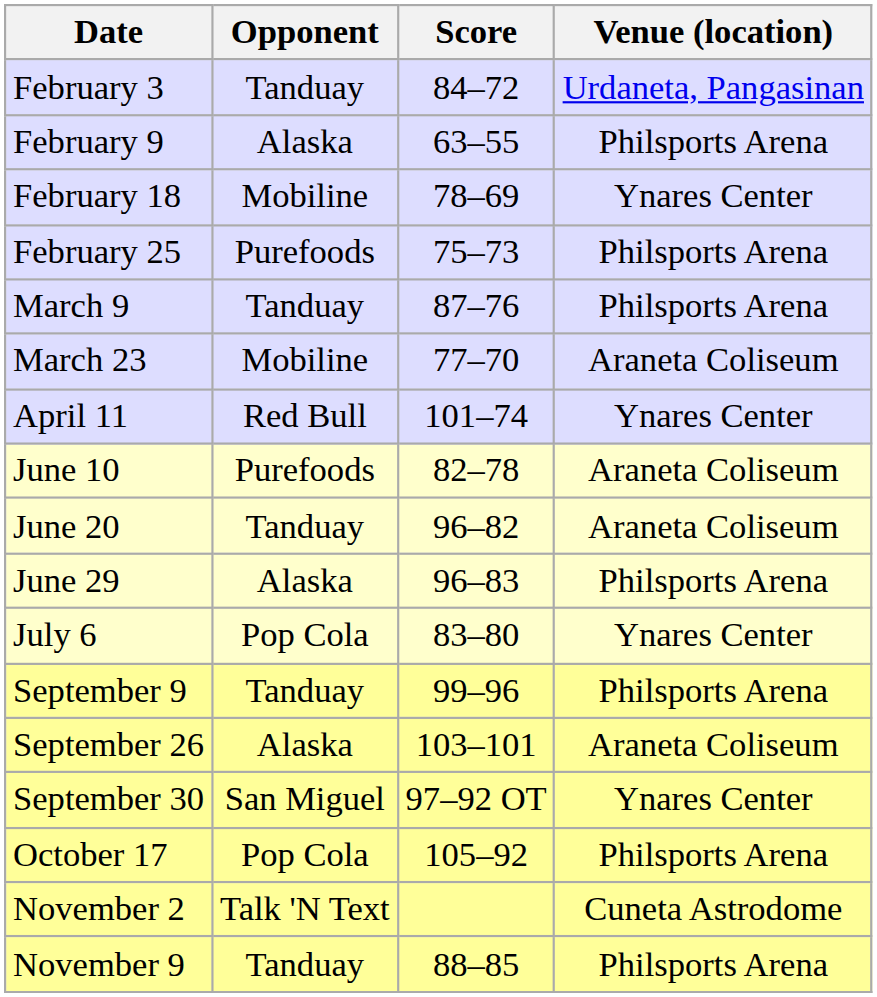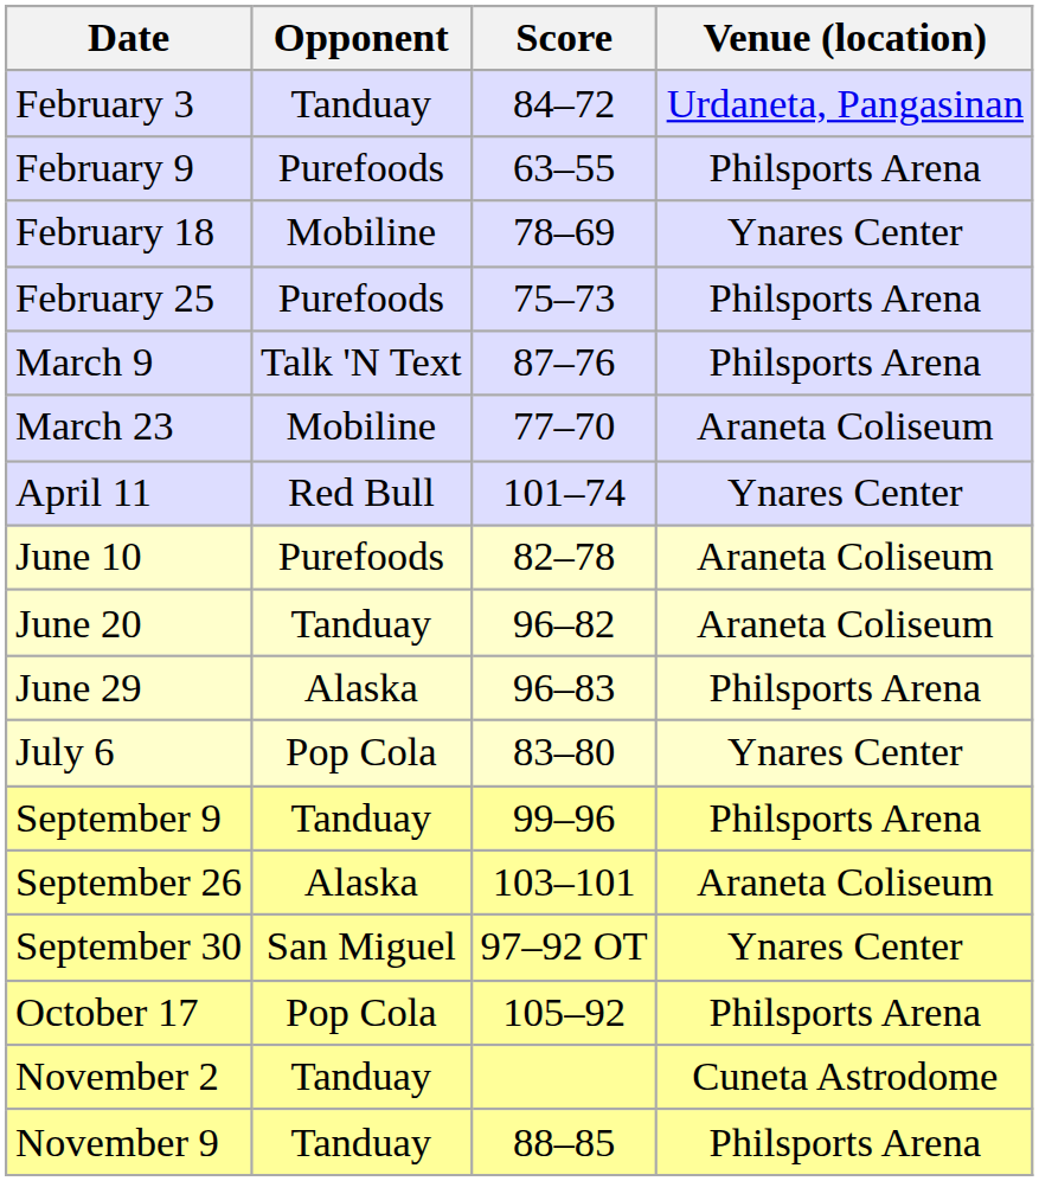 <table class="wikitable" border="1">
 <tr>
 <th>Date</th>
 <th>Opponent</th>
 <th>Score</th>
 <th>Venue (location)</th>
 </tr>
 <tr bgcolor=#DDDDFF>
 <td>February 3</td>
 <td align=center>Tanduay</td>
 <td align=center>84–72</td>
 <td align=center><a href='#'>Urdaneta, Pangasinan</a></td>
 </tr>
 <tr bgcolor=#DDDDFF>
 <td>February 9</td>
-<td align=center>Alaska</td>
+<td align=center>Purefoods</td>
 <td align=center>63–55</td>
 <td align=center>Philsports Arena</td>
 </tr>
 <tr bgcolor=#DDDDFF>
 <td>February 18</td>
 <td align=center>Mobiline</td>
 <td align=center>78–69</td>
 <td align=center>Ynares Center</td>
 </tr>
 <tr bgcolor=#DDDDFF>
 <td>February 25</td>
 <td align=center>Purefoods</td>
 <td align=center>75–73 </td>
 <td align=center>Philsports Arena</td>
 </tr>
 <tr bgcolor=#DDDDFF>
 <td>March 9</td>
-<td align=center>Tanduay</td>
+<td align=center>Talk 'N Text</td>
 <td align=center>87–76 </td>
 <td align=center>Philsports Arena</td>
 </tr>
 <tr bgcolor=#DDDDFF>
 <td>March 23</td>
 <td align=center>Mobiline</td>
 <td align=center>77–70</td>
 <td align=center>Araneta Coliseum</td>
 </tr>
 <tr bgcolor=#DDDDFF>
 <td>April 11</td>
 <td align=center>Red Bull</td>
 <td align=center>101–74</td>
 <td align=center>Ynares Center</td>
 </tr>
 <tr bgcolor=#FFFFCC>
 <td>June 10</td>
 <td align=center>Purefoods</td>
 <td align=center>82–78</td>
 <td align=center>Araneta Coliseum</td>
 </tr>
 <tr bgcolor=#FFFFCC>
 <td>June 20</td>
 <td align=center>Tanduay</td>
 <td align=center>96–82</td>
 <td align=center>Araneta Coliseum</td>
 </tr>
 <tr bgcolor=#FFFFCC>
 <td>June 29</td>
 <td align=center>Alaska</td>
 <td align=center>96–83 </td>
 <td align=center>Philsports Arena</td>
 </tr>
 <tr bgcolor=#FFFFCC>
 <td>July 6</td>
 <td align=center>Pop Cola</td>
 <td align=center>83–80</td>
 <td align=center>Ynares Center</td>
 </tr>
 <tr bgcolor=#FFFF99>
 <td>September 9</td>
 <td align=center>Tanduay</td>
 <td align=center>99–96</td>
 <td align=center>Philsports Arena</td>
 </tr>
 <tr bgcolor=#FFFF99>
 <td>September 26</td>
 <td align=center>Alaska</td>
 <td align=center>103–101</td>
 <td align=center>Araneta Coliseum</td>
 </tr>
 <tr bgcolor=#FFFF99>
 <td>September 30</td>
 <td align=center>San Miguel</td>
 <td align=center>97–92 OT </td>
 <td align=center>Ynares Center</td>
 </tr>
 <tr bgcolor=#FFFF99>
 <td>October 17</td>
 <td align=center>Pop Cola</td>
 <td align=center>105–92</td>
 <td align=center>Philsports Arena</td>
 </tr>
 <tr bgcolor=#FFFF99>
 <td>November 2</td>
-<td align=center>Talk 'N Text</td>
+<td align=center>Tanduay</td>
 <td align=center></td>
 <td align=center>Cuneta Astrodome</td>
 </tr>
 <tr bgcolor=#FFFF99>
 <td>November 9</td>
 <td align=center>Tanduay</td>
 <td align=center>88–85</td>
 <td align=center>Philsports Arena</td>
 </tr>
 <tr>
 </tr>
 </table>
